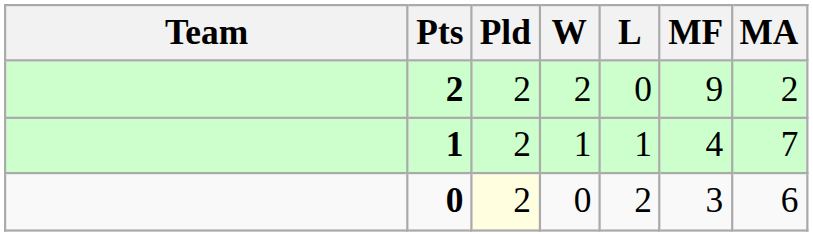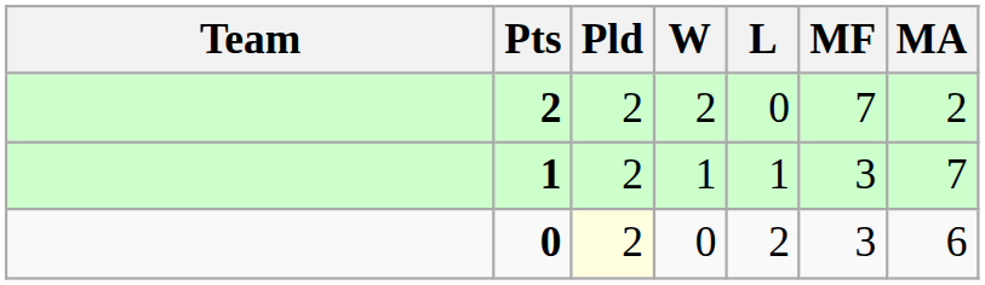 <table class=wikitable style="text-align:right">
 <tr>
 <th width=175>Team</th>
 <th width=20>Pts</th>
 <th width=20>Pld</th>
 <th width=20>W</th>
 <th width=20>L</th>
 <th width=20>MF</th>
 <th width=20>MA</th>
 </tr>
 <tr bgcolor=ccffcc>
 <td style="text-align:left"><strong></strong></td>
 <td><strong>2</strong></td>
 <td>2</td>
 <td>2</td>
 <td>0</td>
-<td>9</td>
+<td>7</td>
 <td>2</td>
 </tr>
 <tr bgcolor=ccffcc>
 <td style="text-align:left"><strong></strong></td>
 <td><strong>1</strong></td>
 <td>2</td>
 <td>1</td>
 <td>1</td>
-<td>4</td>
+<td>3</td>
 <td>7</td>
 </tr>
 <tr>
 <td style="text-align:left"></td>
 <td><strong>0</strong></td>
 <td style="background: lightyellow;">2</td>
 <td>0</td>
 <td>2</td>
 <td>3</td>
 <td>6</td>
 </tr>
 </table>
